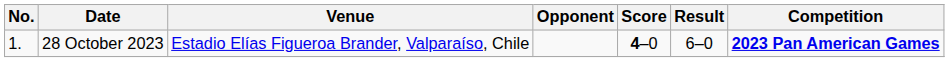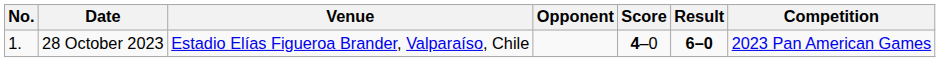 <table class="wikitable">
 <tr>
 <th>No.</th>
 <th>Date</th>
 <th>Venue</th>
 <th>Opponent</th>
 <th>Score</th>
 <th>Result</th>
 <th>Competition</th>
 </tr>
 <tr>
 <td>1.</td>
 <td>28 October 2023</td>
 <td><a href='#'>Estadio Elías Figueroa Brander</a>, <a href='#'>Valparaíso</a>, Chile</td>
 <td></td>
 <td align=center><strong>4</strong>–0</td>
-<td align=center>6–0</td>
-<td><strong><a href='#'>2023 Pan American Games</a></strong></td>
+<td align=center><strong>6–0</strong></td>
+<td><a href='#'>2023 Pan American Games</a></td>
 </tr>
 <tr>
 </tr>
 </table>
